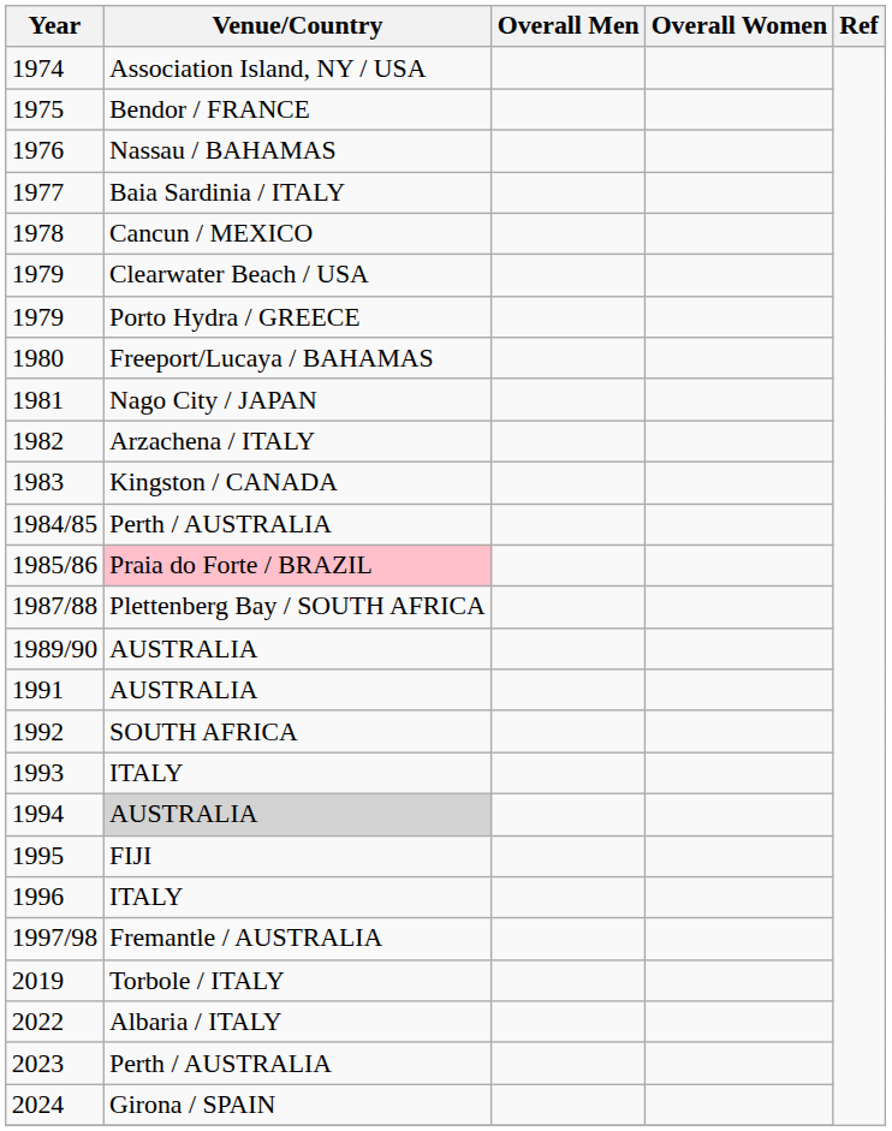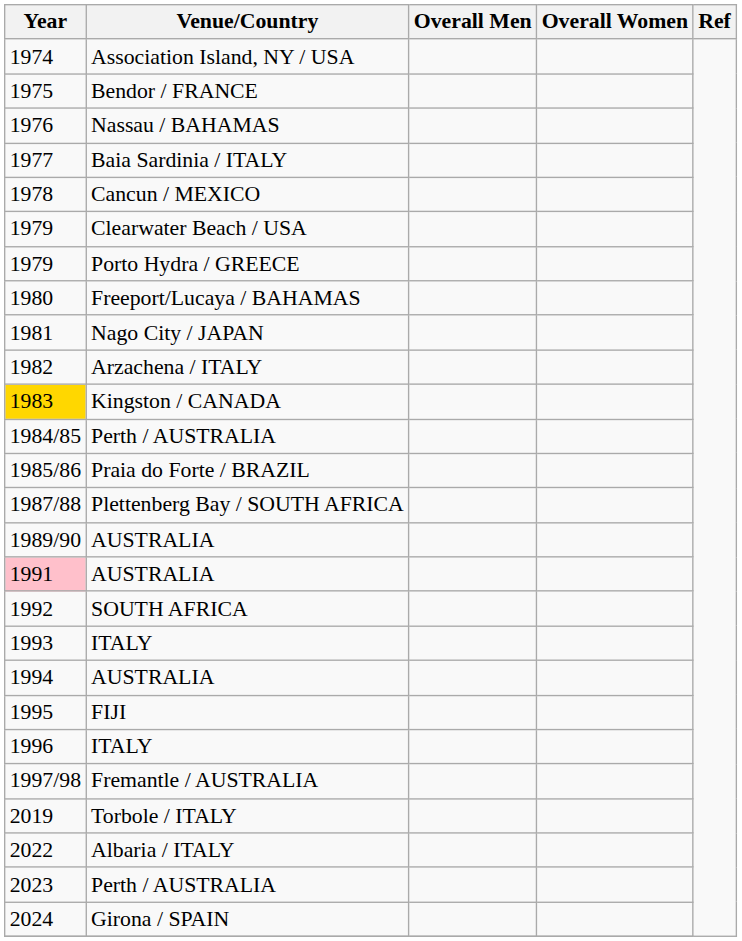 <table class="wikitable">
 <tr>
 <th>Year</th>
 <th>Venue/Country</th>
 <th>Overall Men</th>
 <th>Overall Women</th>
 <th>Ref</th>
 </tr>
 <tr>
 <td>1974</td>
 <td>Association Island, NY / USA</td>
 <td></td>
 <td></td>
 </tr>
 <tr>
 <td>1975</td>
 <td>Bendor / FRANCE</td>
 <td></td>
 <td></td>
 </tr>
 <tr>
 <td>1976</td>
 <td>Nassau / BAHAMAS</td>
 <td></td>
 <td></td>
 </tr>
 <tr>
 <td>1977</td>
 <td>Baia Sardinia / ITALY</td>
 <td></td>
 <td></td>
 </tr>
 <tr>
 <td>1978</td>
 <td>Cancun / MEXICO</td>
 <td></td>
 <td></td>
 </tr>
 <tr>
 <td>1979</td>
 <td>Clearwater Beach / USA</td>
 <td></td>
 <td></td>
 </tr>
 <tr>
 <td>1979</td>
 <td>Porto Hydra / GREECE</td>
 <td></td>
 <td></td>
 </tr>
 <tr>
 <td>1980</td>
 <td>Freeport/Lucaya / BAHAMAS</td>
 <td></td>
 <td></td>
 </tr>
 <tr>
 <td>1981</td>
 <td>Nago City / JAPAN</td>
 <td></td>
 <td></td>
 </tr>
 <tr>
 <td>1982</td>
 <td>Arzachena / ITALY</td>
 <td></td>
 <td></td>
 </tr>
 <tr>
-<td>1983</td>
+<td style="background: gold;">1983</td>
 <td>Kingston / CANADA</td>
 <td></td>
 <td></td>
 </tr>
 <tr>
 <td>1984/85</td>
 <td>Perth / AUSTRALIA</td>
 <td></td>
 <td></td>
 </tr>
 <tr>
 <td>1985/86</td>
-<td style="background: pink;">Praia do Forte / BRAZIL</td>
+<td>Praia do Forte / BRAZIL</td>
 <td></td>
 <td></td>
 </tr>
 <tr>
 <td>1987/88</td>
 <td>Plettenberg Bay / SOUTH AFRICA</td>
 <td></td>
 <td></td>
 </tr>
 <tr>
 <td>1989/90</td>
 <td>AUSTRALIA</td>
 <td></td>
 <td></td>
 </tr>
 <tr>
-<td>1991</td>
+<td style="background: pink;">1991</td>
 <td>AUSTRALIA</td>
 <td></td>
 <td></td>
 </tr>
 <tr>
 <td>1992</td>
 <td>SOUTH AFRICA</td>
 <td></td>
 <td></td>
 </tr>
 <tr>
 <td>1993</td>
 <td>ITALY</td>
 <td></td>
 <td></td>
 </tr>
 <tr>
 <td>1994</td>
-<td style="background: lightgrey;">AUSTRALIA</td>
+<td>AUSTRALIA</td>
 <td></td>
 <td></td>
 </tr>
 <tr>
 <td>1995</td>
 <td>FIJI</td>
 <td></td>
 <td></td>
 </tr>
 <tr>
 <td>1996</td>
 <td>ITALY</td>
 <td></td>
 <td></td>
 </tr>
 <tr>
 <td>1997/98</td>
 <td>Fremantle / AUSTRALIA</td>
 <td></td>
 <td></td>
 </tr>
 <tr>
 <td>2019</td>
 <td>Torbole / ITALY</td>
 <td></td>
 <td></td>
 </tr>
 <tr>
 <td>2022</td>
 <td>Albaria / ITALY</td>
 <td></td>
 <td></td>
 </tr>
 <tr>
 <td>2023</td>
 <td>Perth / AUSTRALIA</td>
 <td></td>
 <td></td>
 </tr>
 <tr>
 <td>2024</td>
 <td>Girona / SPAIN</td>
 <td></td>
 <td></td>
 </tr>
 <tr>
 </tr>
 </table>
